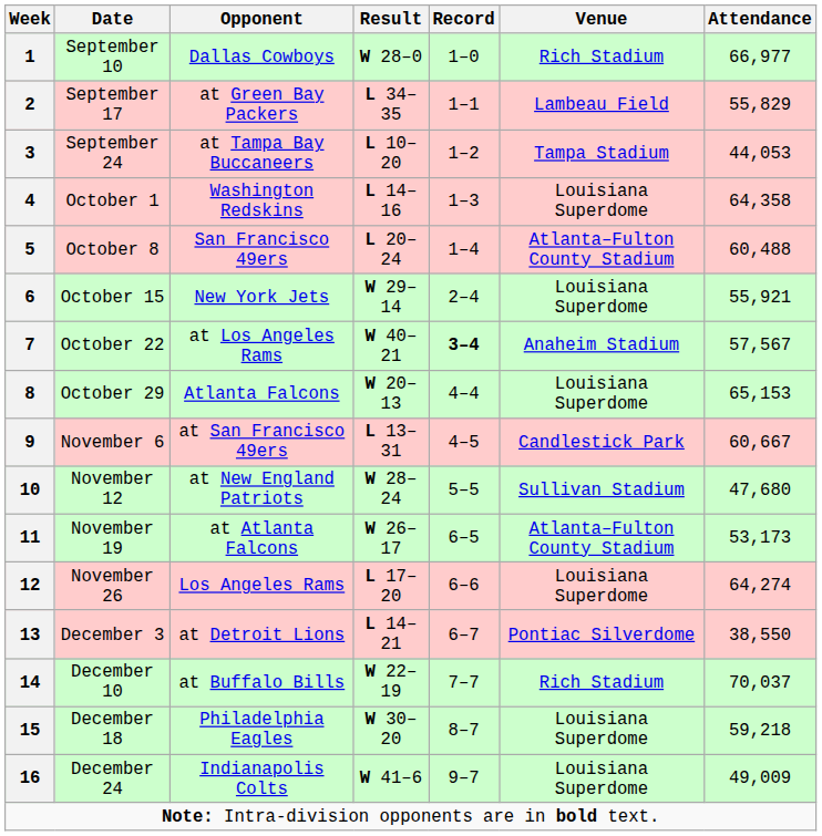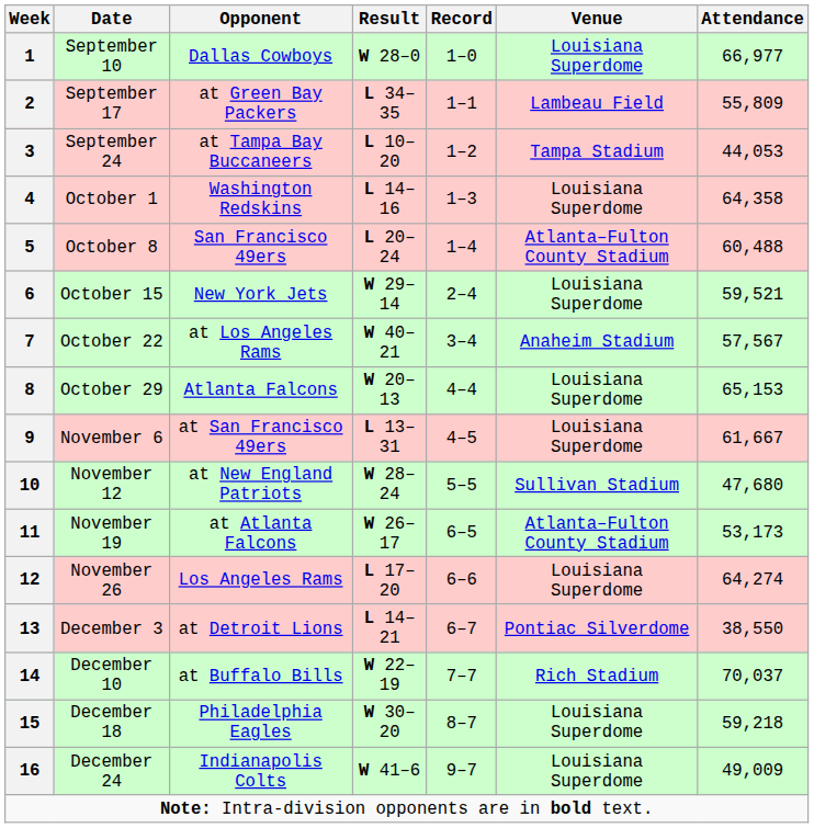 <table class="wikitable"  style="text-align: center;">
 <tr>
 <th>Week</th>
 <th>Date</th>
 <th>Opponent</th>
 <th>Result</th>
 <th>Record</th>
 <th>Venue</th>
 <th>Attendance</th>
 </tr>
 <tr style="background:#cfc">
 <th>1</th>
 <td>September 10</td>
 <td><a href='#'>Dallas Cowboys</a></td>
 <td><strong>W</strong> 28–0</td>
 <td>1–0</td>
-<td><a href='#'>Rich Stadium</a></td>
+<td><a href='#'>Louisiana Superdome</a></td>
 <td>66,977</td>
 </tr>
 <tr style="background:#fcc">
 <th>2</th>
 <td>September 17</td>
 <td>at <a href='#'>Green Bay Packers</a></td>
 <td><strong>L</strong> 34–35</td>
 <td>1–1</td>
 <td><a href='#'>Lambeau Field</a></td>
-<td>55,829</td>
+<td>55,809</td>
 </tr>
 <tr style="background:#fcc">
 <th>3</th>
 <td>September 24</td>
 <td>at <a href='#'>Tampa Bay Buccaneers</a></td>
 <td><strong>L</strong> 10–20</td>
 <td>1–2</td>
 <td><a href='#'>Tampa Stadium</a></td>
 <td>44,053</td>
 </tr>
 <tr style="background:#fcc">
 <th>4</th>
 <td>October 1</td>
 <td><a href='#'>Washington Redskins</a></td>
 <td><strong>L</strong> 14–16</td>
 <td>1–3</td>
 <td>Louisiana Superdome</td>
 <td>64,358</td>
 </tr>
 <tr style="background:#fcc">
 <th>5</th>
 <td>October 8</td>
 <td><a href='#'>San Francisco 49ers</a></td>
 <td><strong>L</strong> 20–24</td>
 <td>1–4</td>
 <td><a href='#'>Atlanta–Fulton County Stadium</a></td>
 <td>60,488</td>
 </tr>
 <tr style="background:#cfc">
 <th>6</th>
 <td>October 15</td>
 <td><a href='#'>New York Jets</a></td>
 <td><strong>W</strong> 29–14</td>
 <td>2–4</td>
 <td>Louisiana Superdome</td>
-<td>55,921</td>
+<td>59,521</td>
 </tr>
 <tr style="background:#cfc">
 <th>7</th>
 <td>October 22</td>
 <td>at <a href='#'>Los Angeles Rams</a></td>
 <td><strong>W</strong> 40–21</td>
-<td><strong>3–4</strong></td>
+<td>3–4</td>
 <td><a href='#'>Anaheim Stadium</a></td>
 <td>57,567</td>
 </tr>
 <tr style="background:#cfc">
 <th>8</th>
 <td>October 29</td>
 <td><a href='#'>Atlanta Falcons</a></td>
 <td><strong>W</strong> 20–13</td>
 <td>4–4</td>
 <td>Louisiana Superdome</td>
 <td>65,153</td>
 </tr>
 <tr style="background:#fcc">
 <th>9</th>
 <td>November 6</td>
 <td>at <a href='#'>San Francisco 49ers</a></td>
 <td><strong>L</strong> 13–31</td>
 <td>4–5</td>
-<td><a href='#'>Candlestick Park</a></td>
-<td>60,667</td>
+<td>Louisiana Superdome</td>
+<td>61,667</td>
 </tr>
 <tr style="background:#cfc">
 <th>10</th>
 <td>November 12</td>
 <td>at <a href='#'>New England Patriots</a></td>
 <td><strong>W</strong> 28–24</td>
 <td>5–5</td>
 <td><a href='#'>Sullivan Stadium</a></td>
 <td>47,680</td>
 </tr>
 <tr style="background:#cfc">
 <th>11</th>
 <td>November 19</td>
 <td>at <a href='#'>Atlanta Falcons</a></td>
 <td><strong>W</strong> 26–17</td>
 <td>6–5</td>
 <td><a href='#'>Atlanta–Fulton County Stadium</a></td>
 <td>53,173</td>
 </tr>
 <tr style="background:#fcc">
 <th>12</th>
 <td>November 26</td>
 <td><a href='#'>Los Angeles Rams</a></td>
 <td><strong>L</strong> 17–20 </td>
 <td>6–6</td>
 <td>Louisiana Superdome</td>
 <td>64,274</td>
 </tr>
 <tr style="background:#fcc">
 <th>13</th>
 <td>December 3</td>
 <td>at <a href='#'>Detroit Lions</a></td>
 <td><strong>L</strong> 14–21</td>
 <td>6–7</td>
 <td><a href='#'>Pontiac Silverdome</a></td>
 <td>38,550</td>
 </tr>
 <tr style="background:#cfc">
 <th>14</th>
 <td>December 10</td>
 <td>at <a href='#'>Buffalo Bills</a></td>
 <td><strong>W</strong> 22–19</td>
 <td>7–7</td>
 <td><a href='#'>Rich Stadium</a></td>
 <td>70,037</td>
 </tr>
 <tr style="background:#cfc">
 <th>15</th>
 <td>December 18</td>
 <td><a href='#'>Philadelphia Eagles</a></td>
 <td><strong>W</strong> 30–20</td>
 <td>8–7</td>
 <td>Louisiana Superdome</td>
 <td>59,218</td>
 </tr>
 <tr style="background:#cfc">
 <th>16</th>
 <td>December 24</td>
 <td><a href='#'>Indianapolis Colts</a></td>
 <td><strong>W</strong> 41–6</td>
 <td>9–7</td>
 <td>Louisiana Superdome</td>
 <td>49,009</td>
 </tr>
 <tr>
 <td colspan="7"><strong>Note:</strong> Intra-division opponents are in <strong>bold</strong> text.</td>
 </tr>
 </table>
